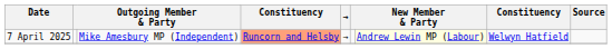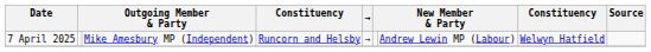 <table class="wikitable">
 <tr>
 <th valign="top">Date</th>
 <th colspan="2" valign="top">Outgoing Member<br>& Party</th>
 <th valign="top">Constituency</th>
 <th>→</th>
 <th colspan="2" valign="top">New Member<br>& Party</th>
 <th valign="top">Constituency</th>
 <th valign="top">Source</th>
 </tr>
 <tr>
 <td nowrap>7 April 2025</td>
 <td style="color:inherit;background:"></td>
 <td><a href='#'>Mike Amesbury</a> MP (<a href='#'>Independent</a>)</td>
-<td style="background: lightsalmon;"><a href='#'>Runcorn and Helsby</a></td>
+<td><a href='#'>Runcorn and Helsby</a></td>
 <td>→</td>
 <td style="color:inherit;background:"></td>
-<td style="background: lightyellow;"><a href='#'>Andrew Lewin</a> MP (<a href='#'>Labour</a>)</td>
+<td><a href='#'>Andrew Lewin</a> MP (<a href='#'>Labour</a>)</td>
 <td><a href='#'>Welwyn Hatfield</a></td>
 <td></td>
 </tr>
 <tr>
 </tr>
 </table>
